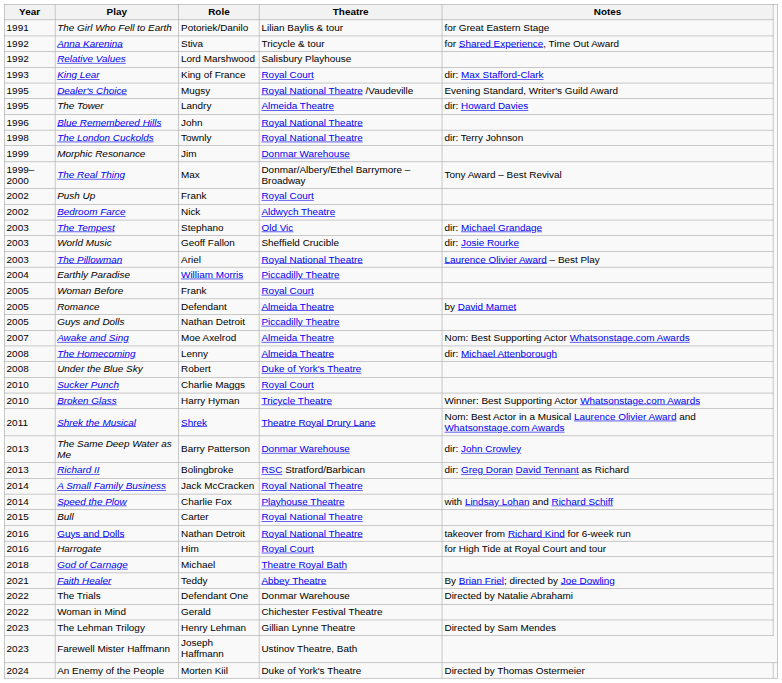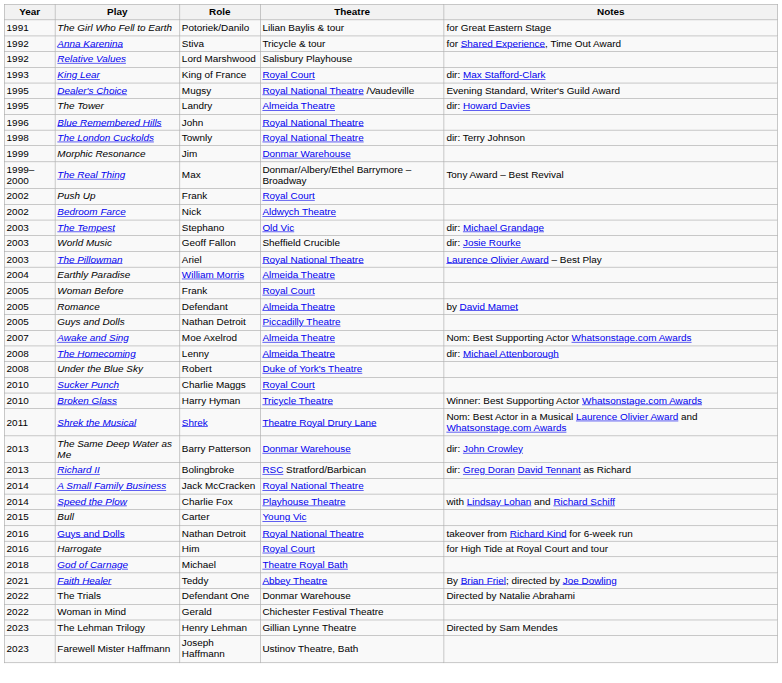 <table class="wikitable sortable">
 <tr>
 <th>Year</th>
 <th>Play</th>
 <th>Role</th>
 <th>Theatre</th>
 <th>Notes</th>
 </tr>
 <tr>
 <td>1991</td>
 <td><em>The Girl Who Fell to Earth</em></td>
 <td>Potoriek/Danilo</td>
 <td>Lilian Baylis & tour</td>
 <td>for Great Eastern Stage</td>
 </tr>
 <tr>
 <td>1992</td>
 <td><em><a href='#'>Anna Karenina</a></em></td>
 <td>Stiva</td>
 <td>Tricycle & tour</td>
 <td>for <a href='#'>Shared Experience</a>, Time Out Award</td>
 </tr>
 <tr>
 <td>1992</td>
 <td><em><a href='#'>Relative Values</a></em></td>
 <td>Lord Marshwood</td>
 <td>Salisbury Playhouse</td>
 <td></td>
 </tr>
 <tr>
 <td>1993</td>
 <td><em><a href='#'>King Lear</a></em></td>
 <td>King of France</td>
 <td><a href='#'>Royal Court</a></td>
 <td>dir: <a href='#'>Max Stafford-Clark</a></td>
 </tr>
 <tr>
 <td>1995</td>
 <td><em><a href='#'>Dealer's Choice</a></em></td>
 <td>Mugsy</td>
 <td><a href='#'>Royal National Theatre</a> /Vaudeville</td>
 <td>Evening Standard, Writer's Guild Award</td>
 </tr>
 <tr>
 <td>1995</td>
 <td><em>The Tower</em></td>
 <td>Landry</td>
 <td><a href='#'>Almeida Theatre</a></td>
 <td>dir: <a href='#'>Howard Davies</a></td>
 </tr>
 <tr>
 <td>1996</td>
 <td><em><a href='#'>Blue Remembered Hills</a></em></td>
 <td>John</td>
 <td><a href='#'>Royal National Theatre</a></td>
 <td></td>
 </tr>
 <tr>
 <td>1998</td>
 <td><em><a href='#'>The London Cuckolds</a></em></td>
 <td>Townly</td>
 <td><a href='#'>Royal National Theatre</a></td>
 <td>dir: Terry Johnson</td>
 </tr>
 <tr>
 <td>1999</td>
 <td><em>Morphic Resonance</em></td>
 <td>Jim</td>
 <td><a href='#'>Donmar Warehouse</a></td>
 <td></td>
 </tr>
 <tr>
 <td>1999–2000</td>
 <td><em><a href='#'>The Real Thing</a></em></td>
 <td>Max</td>
 <td>Donmar/Albery/Ethel Barrymore – Broadway</td>
 <td>Tony Award – Best Revival</td>
 </tr>
 <tr>
 <td>2002</td>
 <td><em>Push Up</em></td>
 <td>Frank</td>
 <td><a href='#'>Royal Court</a></td>
 <td></td>
 </tr>
 <tr>
 <td>2002</td>
 <td><em><a href='#'>Bedroom Farce</a></em></td>
 <td>Nick</td>
 <td><a href='#'>Aldwych Theatre</a></td>
 <td></td>
 </tr>
 <tr>
 <td>2003</td>
 <td><em><a href='#'>The Tempest</a></em></td>
 <td>Stephano</td>
 <td><a href='#'>Old Vic</a></td>
 <td>dir: <a href='#'>Michael Grandage</a></td>
 </tr>
 <tr>
 <td>2003</td>
 <td><em>World Music</em></td>
 <td>Geoff Fallon</td>
 <td>Sheffield Crucible</td>
 <td>dir: <a href='#'>Josie Rourke</a></td>
 </tr>
 <tr>
 <td>2003</td>
 <td><em><a href='#'>The Pillowman</a></em></td>
 <td>Ariel</td>
 <td><a href='#'>Royal National Theatre</a></td>
 <td><a href='#'>Laurence Olivier Award</a> – Best Play</td>
 </tr>
 <tr>
 <td>2004</td>
 <td><em>Earthly Paradise</em></td>
 <td><a href='#'>William Morris</a></td>
-<td><a href='#'>Piccadilly Theatre</a></td>
+<td><a href='#'>Almeida Theatre</a></td>
 <td></td>
 </tr>
 <tr>
 <td>2005</td>
 <td><em>Woman Before</em></td>
 <td>Frank</td>
 <td><a href='#'>Royal Court</a></td>
 <td></td>
 </tr>
 <tr>
 <td>2005</td>
 <td><em>Romance</em></td>
 <td>Defendant</td>
 <td><a href='#'>Almeida Theatre</a></td>
 <td>by <a href='#'>David Mamet</a></td>
 </tr>
 <tr>
 <td>2005</td>
 <td><em>Guys and Dolls</em></td>
 <td>Nathan Detroit</td>
 <td><a href='#'>Piccadilly Theatre</a></td>
 <td></td>
 </tr>
 <tr>
 <td>2007</td>
 <td><em><a href='#'>Awake and Sing</a></em></td>
 <td>Moe Axelrod</td>
 <td><a href='#'>Almeida Theatre</a></td>
 <td>Nom: Best Supporting Actor <a href='#'>Whatsonstage.com Awards</a></td>
 </tr>
 <tr>
 <td>2008</td>
 <td><em><a href='#'>The Homecoming</a></em></td>
 <td>Lenny</td>
 <td><a href='#'>Almeida Theatre</a></td>
 <td>dir: <a href='#'>Michael Attenborough</a></td>
 </tr>
 <tr>
 <td>2008</td>
 <td><em>Under the Blue Sky</em></td>
 <td>Robert</td>
 <td><a href='#'>Duke of York's Theatre</a></td>
 <td></td>
 </tr>
 <tr>
 <td>2010</td>
 <td><em><a href='#'>Sucker Punch</a></em></td>
 <td>Charlie Maggs</td>
 <td><a href='#'>Royal Court</a></td>
 <td></td>
 </tr>
 <tr>
 <td>2010</td>
 <td><em><a href='#'>Broken Glass</a></em></td>
 <td>Harry Hyman</td>
 <td><a href='#'>Tricycle Theatre</a></td>
 <td>Winner: Best Supporting Actor <a href='#'>Whatsonstage.com Awards</a></td>
 </tr>
 <tr>
 <td>2011</td>
 <td><em><a href='#'>Shrek the Musical</a></em></td>
 <td><a href='#'>Shrek</a></td>
 <td><a href='#'>Theatre Royal Drury Lane</a></td>
 <td>Nom: Best Actor in a Musical <a href='#'>Laurence Olivier Award</a> and <a href='#'>Whatsonstage.com Awards</a></td>
 </tr>
 <tr>
 <td>2013</td>
 <td><em>The Same Deep Water as Me</em></td>
 <td>Barry Patterson</td>
 <td><a href='#'>Donmar Warehouse</a></td>
 <td>dir: <a href='#'>John Crowley</a></td>
 </tr>
 <tr>
 <td>2013</td>
 <td><em><a href='#'>Richard II</a></em></td>
 <td>Bolingbroke</td>
 <td><a href='#'>RSC</a> Stratford/Barbican</td>
 <td>dir: <a href='#'>Greg Doran</a> <a href='#'>David Tennant</a> as Richard</td>
 </tr>
 <tr>
 <td>2014</td>
 <td><em><a href='#'>A Small Family Business</a></em></td>
 <td>Jack McCracken</td>
 <td><a href='#'>Royal National Theatre</a></td>
 <td></td>
 </tr>
 <tr>
 <td>2014</td>
 <td><em><a href='#'>Speed the Plow</a></em></td>
 <td>Charlie Fox</td>
 <td><a href='#'>Playhouse Theatre</a></td>
 <td>with <a href='#'>Lindsay Lohan</a> and <a href='#'>Richard Schiff</a></td>
 </tr>
 <tr>
 <td>2015</td>
 <td><em>Bull</em></td>
 <td>Carter</td>
-<td><a href='#'>Royal National Theatre</a></td>
+<td><a href='#'>Young Vic</a></td>
 <td></td>
 </tr>
 <tr>
 <td>2016</td>
 <td><a href='#'>Guys and Dolls</a></td>
 <td>Nathan Detroit</td>
 <td><a href='#'>Royal National Theatre</a></td>
 <td>takeover from <a href='#'>Richard Kind</a> for 6-week run</td>
 </tr>
 <tr>
 <td>2016</td>
 <td><em>Harrogate</em></td>
 <td>Him</td>
 <td><a href='#'>Royal Court</a></td>
 <td>for High Tide at Royal Court and tour</td>
 </tr>
 <tr>
 <td>2018</td>
 <td><em><a href='#'>God of Carnage</a></em></td>
 <td>Michael</td>
 <td><a href='#'>Theatre Royal Bath</a></td>
 <td></td>
 </tr>
 <tr>
 <td>2021</td>
 <td><em><a href='#'>Faith Healer</a></em></td>
 <td>Teddy</td>
 <td><a href='#'>Abbey Theatre</a></td>
 <td>By <a href='#'>Brian Friel</a>; directed by <a href='#'>Joe Dowling</a></td>
 </tr>
 <tr>
 <td>2022</td>
 <td>The Trials</td>
 <td>Defendant One</td>
 <td>Donmar Warehouse</td>
 <td>Directed by Natalie Abrahami</td>
 </tr>
 <tr>
 <td>2022</td>
 <td>Woman in Mind</td>
 <td>Gerald</td>
 <td>Chichester Festival Theatre</td>
 <td></td>
 </tr>
 <tr>
 <td>2023</td>
 <td>The Lehman Trilogy</td>
 <td>Henry Lehman</td>
 <td>Gillian Lynne Theatre</td>
 <td>Directed by Sam Mendes</td>
 </tr>
 <tr>
 <td>2023</td>
 <td>Farewell Mister Haffmann</td>
 <td>Joseph Haffmann</td>
 <td>Ustinov Theatre, Bath</td>
 </tr>
-<tr>
-<td>2024</td>
-<td>An Enemy of the People</td>
-<td>Morten Kiil</td>
-<td>Duke of York's Theatre</td>
-<td>Directed by Thomas Ostermeier</td>
-<td></td>
-</tr>
 </table>
